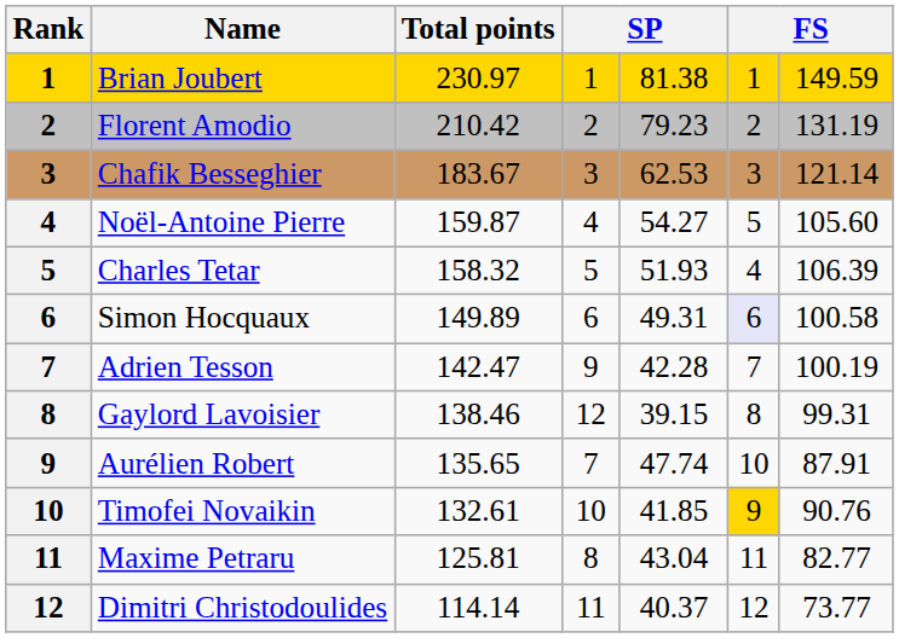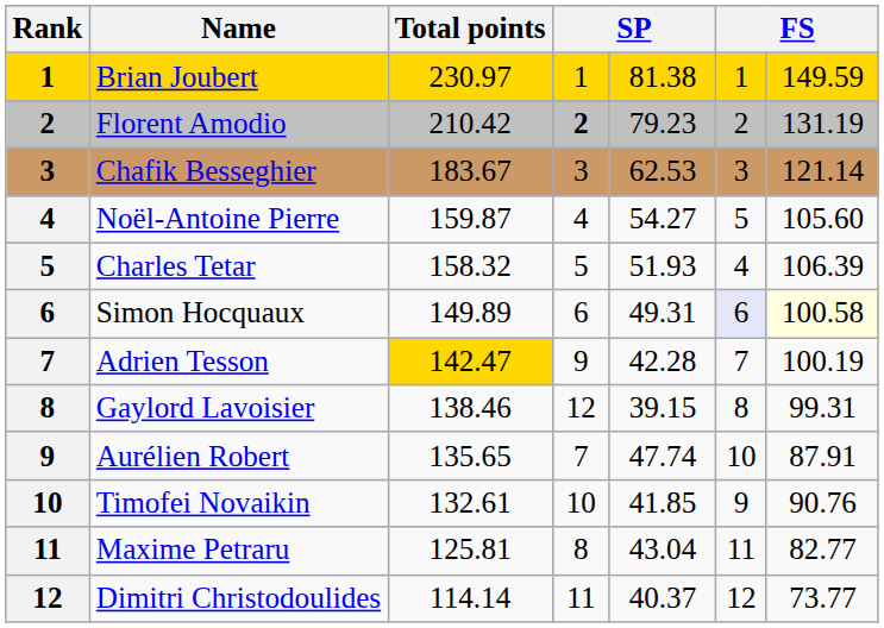 <table class="wikitable sortable">
 <tr>
 <th>Rank</th>
 <th>Name</th>
 <th>Total points</th>
 <th colspan="2" width="80px"><a href='#'>SP</a></th>
 <th colspan="2" width="80px"><a href='#'>FS</a></th>
 </tr>
 <tr bgcolor="gold">
 <td align="center"><strong>1</strong></td>
 <td><a href='#'>Brian Joubert</a></td>
 <td align="center">230.97</td>
 <td align="center">1</td>
 <td align="center">81.38</td>
 <td align="center">1</td>
 <td align="center">149.59</td>
 </tr>
 <tr bgcolor="silver">
 <td align="center"><strong>2</strong></td>
 <td><a href='#'>Florent Amodio</a></td>
 <td align="center">210.42</td>
-<td align="center">2</td>
+<td align="center"><strong>2</strong></td>
 <td align="center">79.23</td>
 <td align="center">2</td>
 <td align="center">131.19</td>
 </tr>
 <tr bgcolor="cc9966">
 <td align="center"><strong>3</strong></td>
 <td><a href='#'>Chafik Besseghier</a></td>
 <td align="center">183.67</td>
 <td align="center">3</td>
 <td align="center">62.53</td>
 <td align="center">3</td>
 <td align="center">121.14</td>
 </tr>
 <tr>
 <th>4</th>
 <td><a href='#'>Noël-Antoine Pierre</a></td>
 <td align="center">159.87</td>
 <td align="center">4</td>
 <td align="center">54.27</td>
 <td align="center">5</td>
 <td align="center">105.60</td>
 </tr>
 <tr>
 <th>5</th>
 <td><a href='#'>Charles Tetar</a></td>
 <td align="center">158.32</td>
 <td align="center">5</td>
 <td align="center">51.93</td>
 <td align="center">4</td>
 <td align="center">106.39</td>
 </tr>
 <tr>
 <th>6</th>
 <td>Simon Hocquaux</td>
 <td align="center">149.89</td>
 <td align="center">6</td>
 <td align="center">49.31</td>
 <td align="center" style="background: lavender;">6</td>
-<td align="center">100.58</td>
+<td align="center" style="background: lightyellow;">100.58</td>
 </tr>
 <tr>
 <th>7</th>
 <td><a href='#'>Adrien Tesson</a></td>
-<td align="center">142.47</td>
+<td align="center" style="background: gold;">142.47</td>
 <td align="center">9</td>
 <td align="center">42.28</td>
 <td align="center">7</td>
 <td align="center">100.19</td>
 </tr>
 <tr>
 <th>8</th>
 <td><a href='#'>Gaylord Lavoisier</a></td>
 <td align="center">138.46</td>
 <td align="center">12</td>
 <td align="center">39.15</td>
 <td align="center">8</td>
 <td align="center">99.31</td>
 </tr>
 <tr>
 <th>9</th>
 <td><a href='#'>Aurélien Robert</a></td>
 <td align="center">135.65</td>
 <td align="center">7</td>
 <td align="center">47.74</td>
 <td align="center">10</td>
 <td align="center">87.91</td>
 </tr>
 <tr>
 <th>10</th>
 <td><a href='#'>Timofei Novaikin</a></td>
 <td align="center">132.61</td>
 <td align="center">10</td>
 <td align="center">41.85</td>
-<td align="center" style="background: gold;">9</td>
+<td align="center">9</td>
 <td align="center">90.76</td>
 </tr>
 <tr>
 <th>11</th>
 <td><a href='#'>Maxime Petraru</a></td>
 <td align="center">125.81</td>
 <td align="center">8</td>
 <td align="center">43.04</td>
 <td align="center">11</td>
 <td align="center">82.77</td>
 </tr>
 <tr>
 <th>12</th>
 <td><a href='#'>Dimitri Christodoulides</a></td>
 <td align="center">114.14</td>
 <td align="center">11</td>
 <td align="center">40.37</td>
 <td align="center">12</td>
 <td align="center">73.77</td>
 </tr>
 </table>
